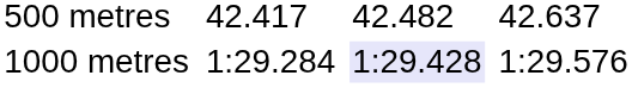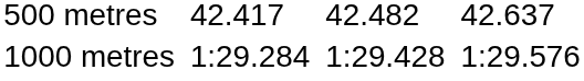 <table>
 <tr>
 <td>500 metres<br></td>
 <td></td>
 <td>42.417</td>
 <td></td>
 <td>42.482</td>
 <td></td>
 <td>42.637</td>
 </tr>
 <tr>
 <td>1000 metres<br></td>
 <td></td>
 <td>1:29.284</td>
 <td></td>
-<td style="background: lavender;">1:29.428</td>
+<td>1:29.428</td>
 <td></td>
 <td>1:29.576</td>
 </tr>
 </table>
